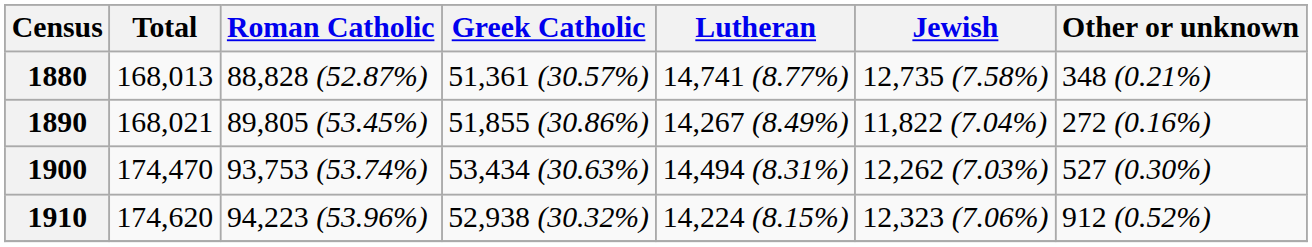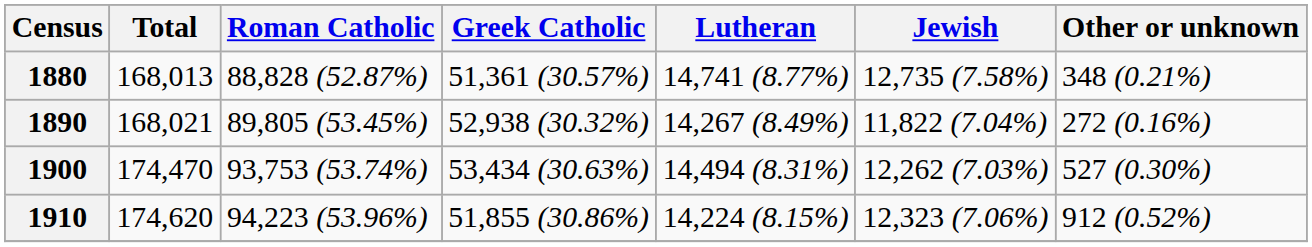 <table class="wikitable">
 <tr>
 <th>Census</th>
 <th>Total</th>
 <th><a href='#'>Roman Catholic</a></th>
 <th><a href='#'>Greek Catholic</a></th>
 <th><a href='#'>Lutheran</a></th>
 <th><a href='#'>Jewish</a></th>
 <th>Other or unknown</th>
 </tr>
 <tr>
 <th>1880</th>
 <td>168,013</td>
 <td>88,828 <em>(52.87%)</em></td>
 <td>51,361 <em>(30.57%)</em></td>
 <td>14,741 <em>(8.77%)</em></td>
 <td>12,735 <em>(7.58%)</em></td>
 <td>348 <em>(0.21%)</em></td>
 </tr>
 <tr>
 <th>1890</th>
 <td>168,021</td>
 <td>89,805 <em>(53.45%)</em></td>
-<td>51,855 <em>(30.86%)</em></td>
+<td>52,938 <em>(30.32%)</em></td>
 <td>14,267 <em>(8.49%)</em></td>
 <td>11,822 <em>(7.04%)</em></td>
 <td>272 <em>(0.16%)</em></td>
 </tr>
 <tr>
 <th>1900</th>
 <td>174,470</td>
 <td>93,753 <em>(53.74%)</em></td>
 <td>53,434 <em>(30.63%)</em></td>
 <td>14,494 <em>(8.31%)</em></td>
 <td>12,262 <em>(7.03%)</em></td>
 <td>527 <em>(0.30%)</em></td>
 </tr>
 <tr>
 <th>1910</th>
 <td>174,620</td>
 <td>94,223 <em>(53.96%)</em></td>
-<td>52,938 <em>(30.32%)</em></td>
+<td>51,855 <em>(30.86%)</em></td>
 <td>14,224 <em>(8.15%)</em></td>
 <td>12,323 <em>(7.06%)</em></td>
 <td>912 <em>(0.52%)</em></td>
 </tr>
 <tr>
 </tr>
 </table>
